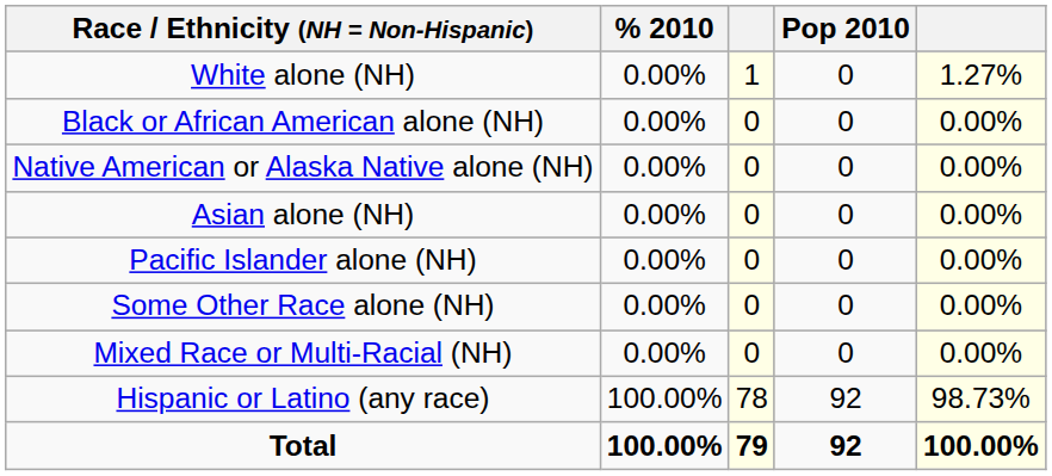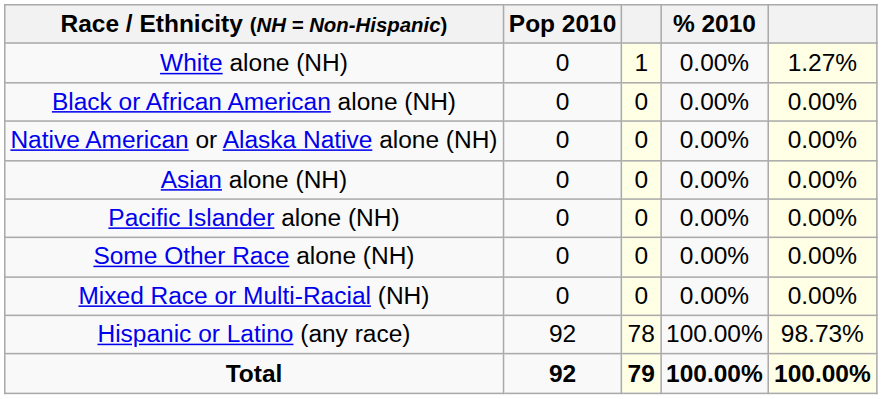 <table class="wikitable" style="text-align:center;">
 <tr>
 <th>Race / Ethnicity <small>(<em>NH = Non-Hispanic</em>)</small></th>
+<th>Pop 2010</th>
+<th></th>
 <th>% 2010</th>
-<th></th>
-<th>Pop 2010</th>
 <th></th>
 </tr>
 <tr>
 <td><a href='#'>White</a> alone (NH)</td>
+<td>0</td>
+<td style='background: #ffffe6;'>1</td>
 <td>0.00%</td>
-<td style='background: #ffffe6;'>1</td>
-<td>0</td>
 <td style='background: #ffffe6;'>1.27%</td>
 </tr>
 <tr>
 <td><a href='#'>Black or African American</a> alone (NH)</td>
+<td>0</td>
+<td style='background: #ffffe6;'>0</td>
 <td>0.00%</td>
-<td style='background: #ffffe6;'>0</td>
-<td>0</td>
 <td style='background: #ffffe6;'>0.00%</td>
 </tr>
 <tr>
 <td><a href='#'>Native American</a> or <a href='#'>Alaska Native</a> alone (NH)</td>
+<td>0</td>
+<td style='background: #ffffe6;'>0</td>
 <td>0.00%</td>
-<td style='background: #ffffe6;'>0</td>
-<td>0</td>
 <td style='background: #ffffe6;'>0.00%</td>
 </tr>
 <tr>
 <td><a href='#'>Asian</a> alone (NH)</td>
+<td>0</td>
+<td style='background: #ffffe6;'>0</td>
 <td>0.00%</td>
-<td style='background: #ffffe6;'>0</td>
-<td>0</td>
 <td style='background: #ffffe6;'>0.00%</td>
 </tr>
 <tr>
 <td><a href='#'>Pacific Islander</a> alone (NH)</td>
+<td>0</td>
+<td style='background: #ffffe6;'>0</td>
 <td>0.00%</td>
-<td style='background: #ffffe6;'>0</td>
-<td>0</td>
 <td style='background: #ffffe6;'>0.00%</td>
 </tr>
 <tr>
 <td><a href='#'>Some Other Race</a> alone (NH)</td>
+<td>0</td>
+<td style='background: #ffffe6;'>0</td>
 <td>0.00%</td>
-<td style='background: #ffffe6;'>0</td>
-<td>0</td>
 <td style='background: #ffffe6;'>0.00%</td>
 </tr>
 <tr>
 <td><a href='#'>Mixed Race or Multi-Racial</a> (NH)</td>
+<td>0</td>
+<td style='background: #ffffe6;'>0</td>
 <td>0.00%</td>
-<td style='background: #ffffe6;'>0</td>
-<td>0</td>
 <td style='background: #ffffe6;'>0.00%</td>
 </tr>
 <tr>
 <td><a href='#'>Hispanic or Latino</a> (any race)</td>
+<td>92</td>
+<td style='background: #ffffe6;'>78</td>
 <td>100.00%</td>
-<td style='background: #ffffe6;'>78</td>
-<td>92</td>
 <td style='background: #ffffe6;'>98.73%</td>
 </tr>
 <tr>
 <td><strong>Total</strong></td>
+<td><strong>92</strong></td>
+<td style='background: #ffffe6;'><strong>79</strong></td>
 <td><strong>100.00%</strong></td>
-<td style='background: #ffffe6;'><strong>79</strong></td>
-<td><strong>92</strong></td>
 <td style='background: #ffffe6;'><strong>100.00%</strong></td>
 </tr>
 </table>
